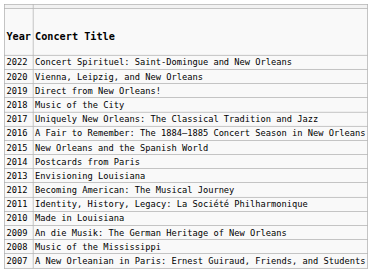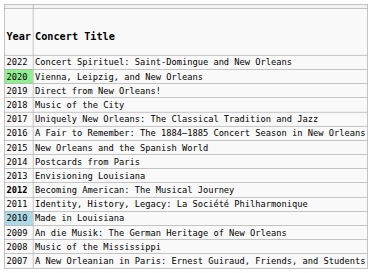 <table class="wikitable sortable mw-collapsible">
 <tr>
 <th></th>
 <th></th>
 </tr>
 <tr>
 <td><br><h3>Year</h3></td>
 <td><br><h3>Concert Title</h3></td>
 </tr>
 <tr>
 <td>2022</td>
 <td>Concert Spirituel: Saint-Domingue and New Orleans</td>
 </tr>
 <tr>
-<td>2020</td>
+<td style="background: lightgreen;">2020</td>
 <td>Vienna, Leipzig, and New Orleans</td>
 </tr>
 <tr>
 <td>2019</td>
 <td>Direct from New Orleans!</td>
 </tr>
 <tr>
 <td>2018</td>
 <td>Music of the City</td>
 </tr>
 <tr>
 <td>2017</td>
 <td>Uniquely New Orleans: The Classical Tradition and Jazz</td>
 </tr>
 <tr>
 <td>2016</td>
 <td>A Fair to Remember: The 1884–1885 Concert Season in New Orleans</td>
 </tr>
 <tr>
 <td>2015</td>
 <td>New Orleans and the Spanish World</td>
 </tr>
 <tr>
 <td>2014</td>
 <td>Postcards from Paris</td>
 </tr>
 <tr>
 <td>2013</td>
 <td>Envisioning Louisiana</td>
 </tr>
 <tr>
-<td>2012</td>
+<td><strong>2012</strong></td>
 <td>Becoming American: The Musical Journey</td>
 </tr>
 <tr>
 <td>2011</td>
 <td>Identity, History, Legacy: La Société Philharmonique</td>
 </tr>
 <tr>
-<td>2010</td>
+<td style="background: lightblue;">2010</td>
 <td>Made in Louisiana</td>
 </tr>
 <tr>
 <td>2009</td>
 <td>An die Musik: The German Heritage of New Orleans</td>
 </tr>
 <tr>
 <td>2008</td>
 <td>Music of the Mississippi</td>
 </tr>
 <tr>
 <td>2007</td>
 <td>A New Orleanian in Paris: Ernest Guiraud, Friends, and Students</td>
 </tr>
 </table>
